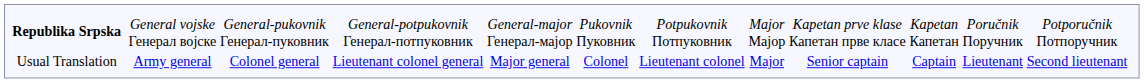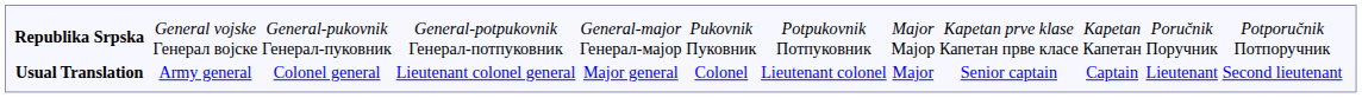 <table style="border:1px solid #8888aa; background-color:#f7f8ff; padding:5px; font-size:95%; margin: 0px 12px 12px 0px;">
 <tr style="text-align:center;">
 <th rowspan=2> Republika Srpska</th>
 <td colspan=2 rowspan=3></td>
 <td colspan=2></td>
 <td colspan=2></td>
 <td colspan=2></td>
 <td colspan=2></td>
 <td colspan=2></td>
 <td colspan=2></td>
 <td colspan=2></td>
 <td colspan=1></td>
 <td colspan=1></td>
 <td colspan=3></td>
 <td colspan=3></td>
 <td colspan=12></td>
 </tr>
 <tr style="text-align:center;">
 <td colspan=2><em>General vojske</em><br>Генерал војске</td>
 <td colspan=2><em>General-pukovnik</em><br>Генерал-пуковник</td>
 <td colspan=2><em>General-potpukovnik</em><br>Генерал-потпуковник</td>
 <td colspan=2><em>General-major</em><br>Генерал-мајор</td>
 <td colspan=2><em>Pukovnik</em><br>Пуковник</td>
 <td colspan=2><em>Potpukovnik</em><br>Потпуковник</td>
 <td colspan=2><em>Major</em><br>Мајор</td>
 <td colspan=1><em>Kapetan prve klase</em><br>Капетан прве класе</td>
 <td colspan=1><em>Kapetan</em><br>Капетан</td>
 <td colspan=3><em>Poručnik</em><br>Поручник</td>
 <td colspan=3><em>Potporučnik</em><br>Потпоручник</td>
 </tr>
 <tr style="text-align:center;">
-<td>Usual Translation</td>
+<td><strong>Usual Translation</strong></td>
 <td colspan=2><a href='#'>Army general</a></td>
 <td colspan=2><a href='#'>Colonel general</a></td>
 <td colspan=2><a href='#'>Lieutenant colonel general</a></td>
 <td colspan=2><a href='#'>Major general</a></td>
 <td colspan=2><a href='#'>Colonel</a></td>
 <td colspan=2><a href='#'>Lieutenant colonel</a></td>
 <td colspan=2><a href='#'>Major</a></td>
 <td colspan=1><a href='#'>Senior captain</a></td>
 <td colspan=1><a href='#'>Captain</a></td>
 <td colspan=3><a href='#'>Lieutenant</a></td>
 <td colspan=3><a href='#'>Second lieutenant</a></td>
 </tr>
 </table>
